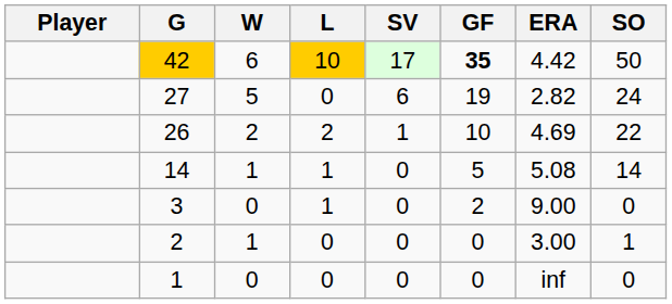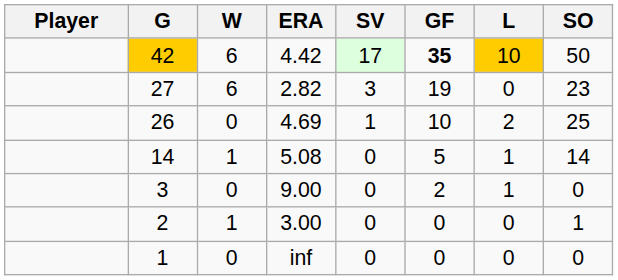 <table class="wikitable sortable">
 <tr>
 <th bgcolor="#DDDDFF" width="16%">Player</th>
 <th bgcolor="#DDDDFF" width="9%">G</th>
 <th bgcolor="#DDDDFF" width="9%">W</th>
-<th bgcolor="#DDDDFF" width="9%">L</th>
+<th bgcolor="#DDDDFF" width="9%">ERA</th>
 <th bgcolor="#DDDDFF" width="9%">SV</th>
 <th bgcolor="#DDDDFF" width="9%">GF</th>
-<th bgcolor="#DDDDFF" width="9%">ERA</th>
+<th bgcolor="#DDDDFF" width="9%">L</th>
 <th bgcolor="#DDDDFF" width="9%">SO</th>
 </tr>
 <tr align="center">
 <td></td>
 <td style="background:#fc0;">42</td>
 <td>6</td>
-<td style="background:#fc0;">10</td>
+<td>4.42</td>
 <td style="background:#DDFFDD;">17</td>
 <td><strong>35</strong></td>
-<td>4.42</td>
+<td style="background:#fc0;">10</td>
 <td>50</td>
 </tr>
 <tr align="center">
 <td></td>
 <td>27</td>
-<td>5</td>
+<td>6</td>
+<td>2.82</td>
+<td>3</td>
+<td>19</td>
 <td>0</td>
-<td>6</td>
-<td>19</td>
-<td>2.82</td>
-<td>24</td>
+<td>23</td>
 </tr>
 <tr align="center">
 <td></td>
 <td>26</td>
-<td>2</td>
-<td>2</td>
+<td>0</td>
+<td>4.69</td>
 <td>1</td>
 <td>10</td>
-<td>4.69</td>
-<td>22</td>
+<td>2</td>
+<td>25</td>
 </tr>
 <tr align="center">
 <td></td>
 <td>14</td>
 <td>1</td>
-<td>1</td>
+<td>5.08</td>
 <td>0</td>
 <td>5</td>
-<td>5.08</td>
+<td>1</td>
 <td>14</td>
 </tr>
 <tr align="center">
 <td></td>
 <td>3</td>
 <td>0</td>
-<td>1</td>
+<td>9.00</td>
 <td>0</td>
 <td>2</td>
-<td>9.00</td>
+<td>1</td>
 <td>0</td>
 </tr>
 <tr align="center">
 <td></td>
 <td>2</td>
 <td>1</td>
+<td>3.00</td>
 <td>0</td>
 <td>0</td>
 <td>0</td>
-<td>3.00</td>
 <td>1</td>
 </tr>
 <tr align="center">
 <td></td>
 <td>1</td>
 <td>0</td>
+<td>inf</td>
 <td>0</td>
 <td>0</td>
 <td>0</td>
-<td>inf</td>
 <td>0</td>
 </tr>
 </table>
